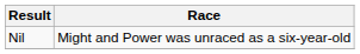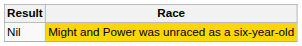 <table class="wikitable">
 <tr style="background:silver; color:black;">
 <th>Result</th>
 <th>Race</th>
 </tr>
 <tr>
 <td>Nil</td>
-<td>Might and Power was unraced as a six-year-old</td>
+<td style="background: gold;">Might and Power was unraced as a six-year-old</td>
 </tr>
 <tr>
 </tr>
 </table>
